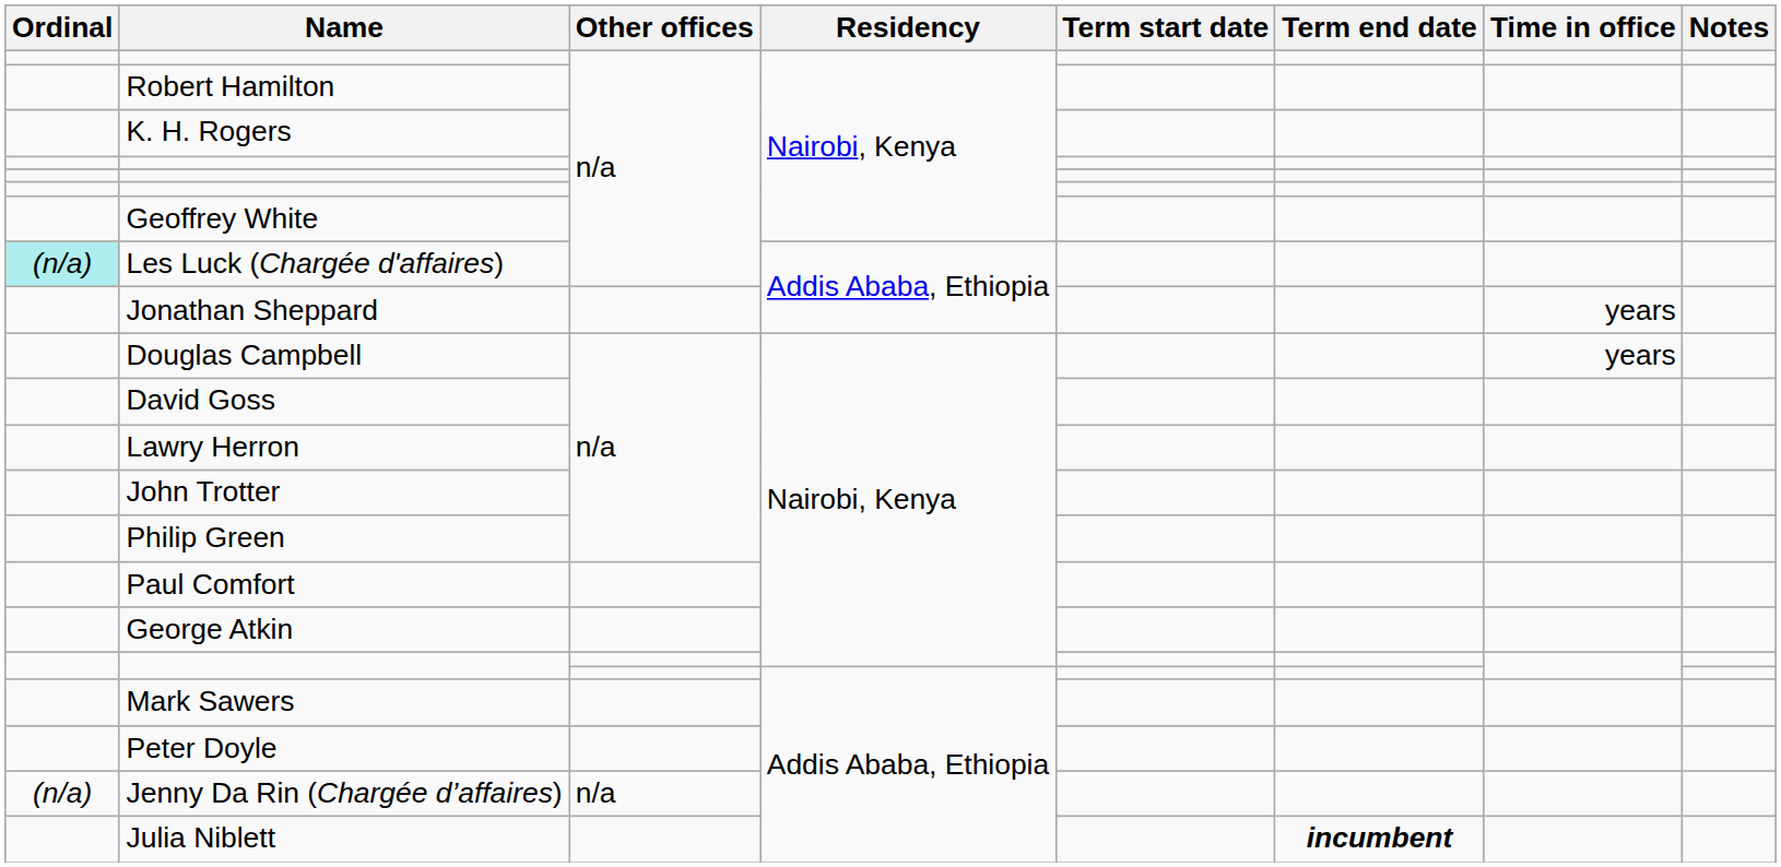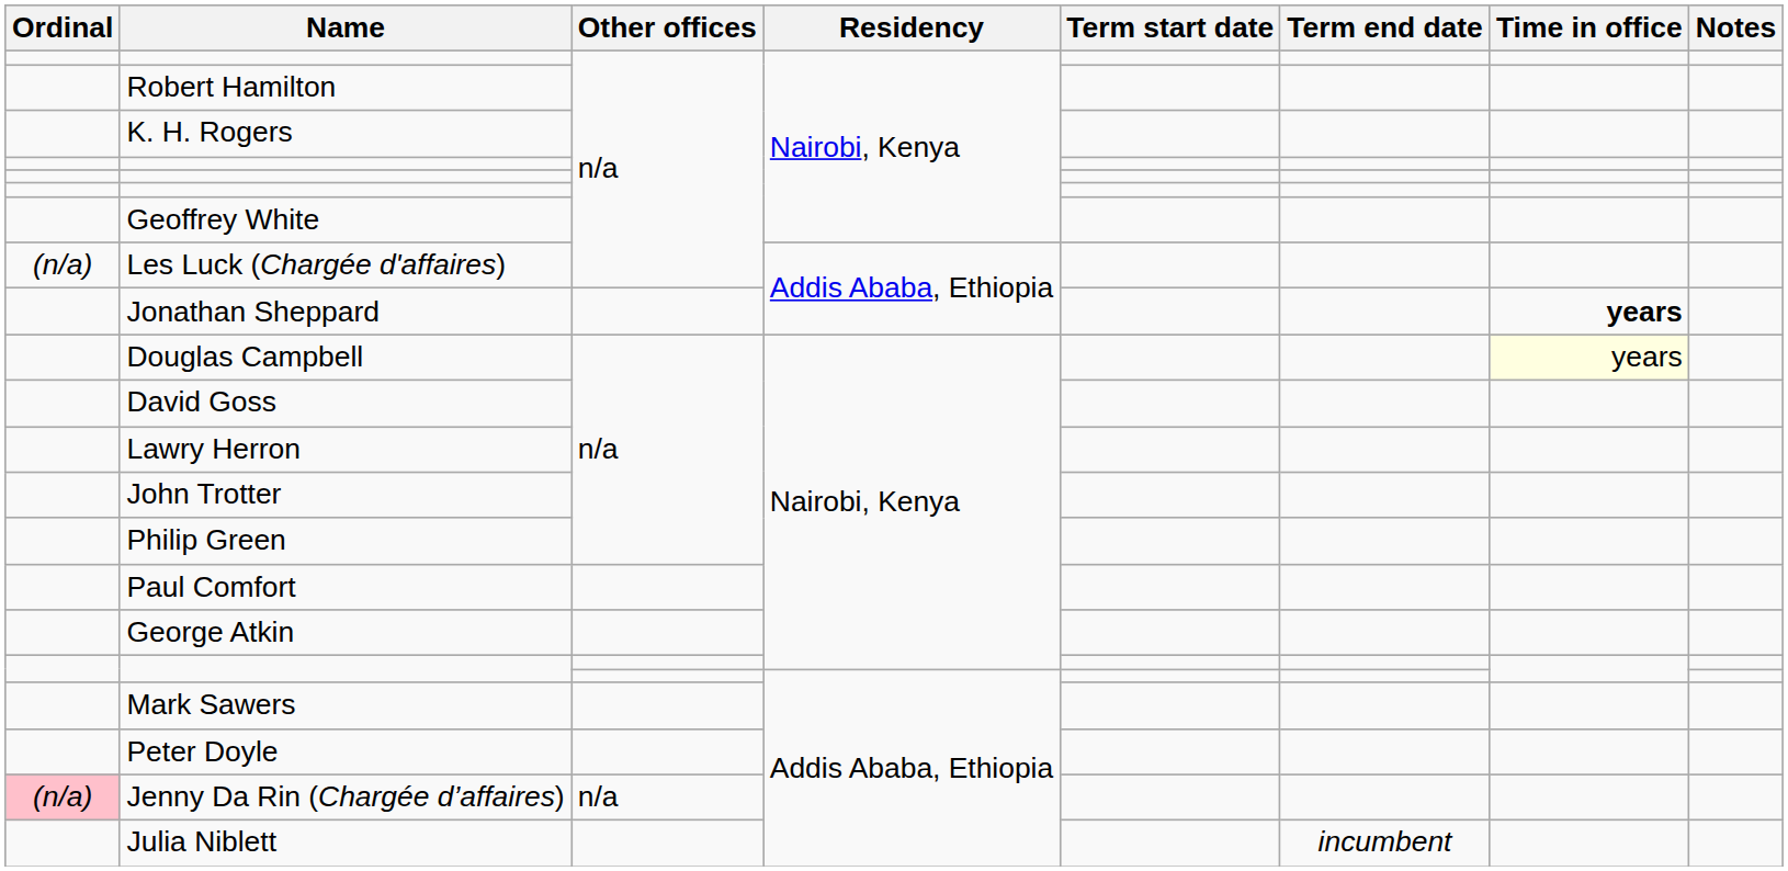 <table class='wikitable sortable'>
 <tr>
 <th>Ordinal</th>
 <th>Name</th>
 <th>Other offices</th>
 <th>Residency</th>
 <th>Term start date</th>
 <th>Term end date</th>
 <th>Time in office</th>
 <th>Notes</th>
 </tr>
 <tr>
 <td align=center></td>
 <td></td>
 <td rowspan=8>n/a</td>
 <td rowspan=7><a href='#'>Nairobi</a>, Kenya</td>
 <td align=center></td>
 <td align=center></td>
 <td align=right></td>
 <td></td>
 </tr>
 <tr>
 <td align=center></td>
 <td>Robert Hamilton</td>
 <td align=center></td>
 <td align=center></td>
 <td align=right></td>
 <td></td>
 </tr>
 <tr>
 <td align=center></td>
 <td>K. H. Rogers</td>
 <td align=center></td>
 <td align=center></td>
 <td align=right></td>
 <td></td>
 </tr>
 <tr>
 <td align=center></td>
 <td></td>
 <td align=center></td>
 <td align=center></td>
 <td align=right></td>
 <td></td>
 </tr>
 <tr>
 <td align=center></td>
 <td></td>
 <td align=center></td>
 <td align=center></td>
 <td align=right></td>
 <td></td>
 </tr>
 <tr>
 <td align=center></td>
 <td></td>
 <td align=center></td>
 <td align=center></td>
 <td align=right></td>
 <td></td>
 </tr>
 <tr>
 <td align=center></td>
 <td>Geoffrey White</td>
 <td align=center></td>
 <td align=center></td>
 <td align=right></td>
 <td></td>
 </tr>
 <tr>
-<td align=center style="background: paleturquoise;"><em>(n/a)</em></td>
+<td align=center><em>(n/a)</em></td>
 <td>Les Luck (<em>Chargée d'affaires</em>)</td>
 <td rowspan=2><a href='#'>Addis Ababa</a>, Ethiopia</td>
 <td align=center></td>
 <td align=center></td>
 <td align=right></td>
 <td></td>
 </tr>
 <tr>
 <td align=center></td>
 <td>Jonathan Sheppard</td>
 <td></td>
 <td align=center></td>
 <td align=center></td>
-<td align=right> years</td>
+<td align=right><strong> years</strong></td>
 <td></td>
 </tr>
 <tr>
 <td align=center></td>
 <td>Douglas Campbell</td>
 <td rowspan=5>n/a</td>
 <td rowspan=8>Nairobi, Kenya</td>
 <td align=center></td>
 <td align=center></td>
-<td align=right> years</td>
+<td align=right style="background: lightyellow;"> years</td>
 <td></td>
 </tr>
 <tr>
 <td align=center></td>
 <td>David Goss</td>
 <td align=center></td>
 <td align=center></td>
 <td align=right></td>
 <td></td>
 </tr>
 <tr>
 <td align=center></td>
 <td>Lawry Herron</td>
 <td align=center></td>
 <td align=center></td>
 <td align=right></td>
 <td></td>
 </tr>
 <tr>
 <td align=center></td>
 <td>John Trotter</td>
 <td align=center></td>
 <td align=center></td>
 <td align=right></td>
 <td></td>
 </tr>
 <tr>
 <td align=center></td>
 <td>Philip Green</td>
 <td align=center></td>
 <td align=center></td>
 <td align=right></td>
 <td></td>
 </tr>
 <tr>
 <td align=center></td>
 <td>Paul Comfort</td>
 <td></td>
 <td align=center></td>
 <td align=center></td>
 <td align=right></td>
 <td></td>
 </tr>
 <tr>
 <td align=center></td>
 <td>George Atkin</td>
 <td></td>
 <td align=center></td>
 <td align=center></td>
 <td align=right></td>
 <td></td>
 </tr>
 <tr>
 <td rowspan=2 align=center></td>
 <td rowspan=2></td>
 <td></td>
 <td align=center></td>
 <td align=center></td>
 <td rowspan=2 align=right><strong></strong></td>
 <td></td>
 </tr>
 <tr>
 <td></td>
 <td rowspan=5>Addis Ababa, Ethiopia</td>
 <td align=center></td>
 <td align=center></td>
 <td></td>
 </tr>
 <tr>
 <td align=center></td>
 <td>Mark Sawers</td>
 <td></td>
 <td align=center></td>
 <td align=center></td>
 <td align=right></td>
 <td></td>
 </tr>
 <tr>
 <td align=center></td>
 <td>Peter Doyle</td>
 <td></td>
 <td align=center></td>
 <td align=center></td>
 <td align=right></td>
 <td></td>
 </tr>
 <tr>
-<td align=center><em>(n/a)</em></td>
+<td align=center style="background: pink;"><em>(n/a)</em></td>
 <td>Jenny Da Rin (<em>Chargée d’affaires</em>)</td>
 <td>n/a</td>
 <td align=center></td>
 <td align=center></td>
 <td align=right></td>
 <td></td>
 </tr>
 <tr>
 <td align=center></td>
 <td>Julia Niblett</td>
 <td></td>
 <td align=center></td>
-<td align=center><strong><em>incumbent</em></strong></td>
+<td align=center><em>incumbent</em></td>
 <td align=right></td>
 <td></td>
 </tr>
 </table>
